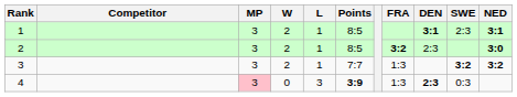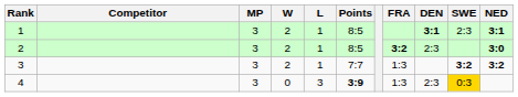 <table class="wikitable" style="text-align:center">
 <tr>
 <th>Rank</th>
 <th style="width:18em">Competitor</th>
 <th style="width:2.5em">MP</th>
 <th style="width:2.5em">W</th>
 <th style="width:2.5em">L</th>
 <th>Points</th>
 <th rowspan="5"> </th>
 <th style="width:2.5em">FRA</th>
 <th style="width:2.5em">DEN</th>
 <th style="width:2.5em">SWE</th>
 <th style="width:2.5em">NED</th>
 </tr>
 <tr style="background:#cfc;">
 <td>1</td>
 <td style="text-align:left"></td>
 <td>3</td>
 <td>2</td>
 <td>1</td>
 <td>8:5</td>
 <td></td>
 <td><strong>3:1</strong></td>
 <td>2:3</td>
 <td><strong>3:1</strong></td>
 </tr>
 <tr style="background:#cfc;">
 <td>2</td>
 <td style="text-align:left"></td>
 <td>3</td>
 <td>2</td>
 <td>1</td>
 <td>8:5</td>
 <td><strong>3:2</strong></td>
 <td>2:3</td>
 <td></td>
 <td><strong>3:0</strong></td>
 </tr>
 <tr>
 <td>3</td>
 <td style="text-align:left"></td>
 <td>3</td>
 <td>2</td>
 <td>1</td>
 <td>7:7</td>
 <td>1:3</td>
 <td></td>
 <td><strong>3:2</strong></td>
 <td><strong>3:2</strong></td>
 </tr>
 <tr>
 <td>4</td>
 <td style="text-align:left"></td>
-<td style="background: pink;">3</td>
+<td>3</td>
 <td>0</td>
 <td>3</td>
 <td><strong>3:9</strong></td>
 <td>1:3</td>
-<td><strong>2:3</strong></td>
-<td>0:3</td>
+<td>2:3</td>
+<td style="background: gold;">0:3</td>
 <td></td>
 </tr>
 </table>
